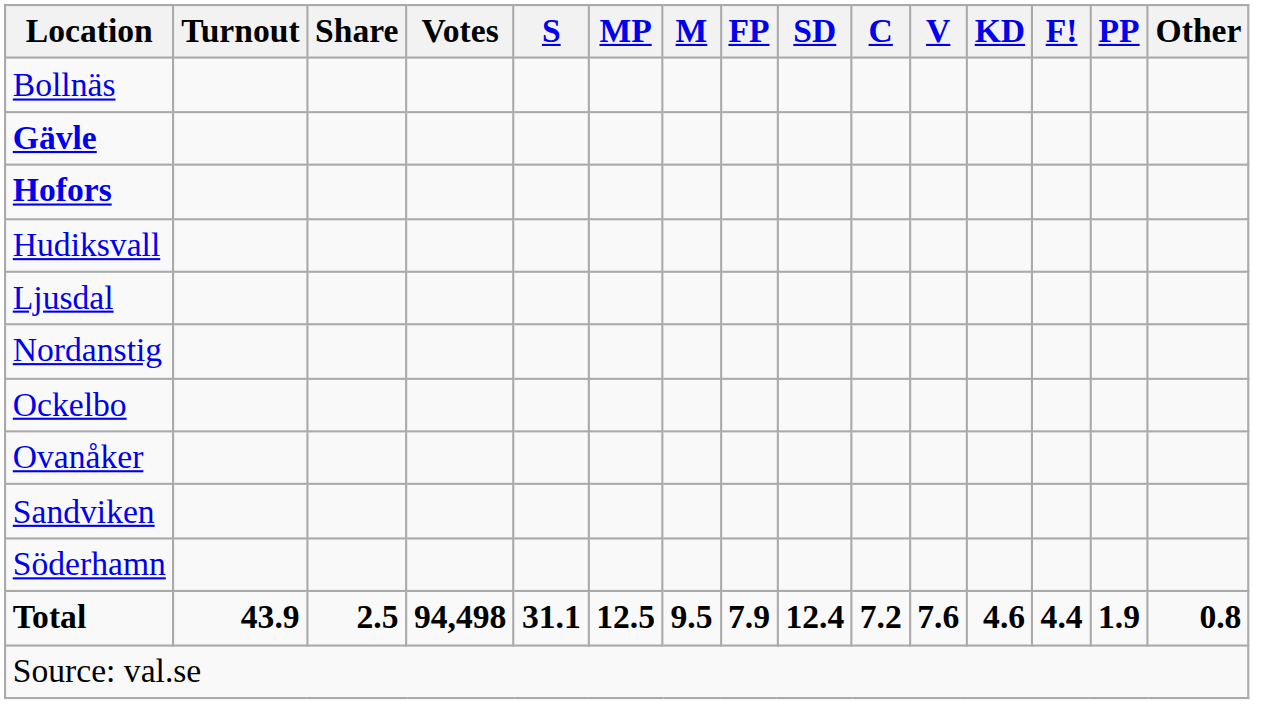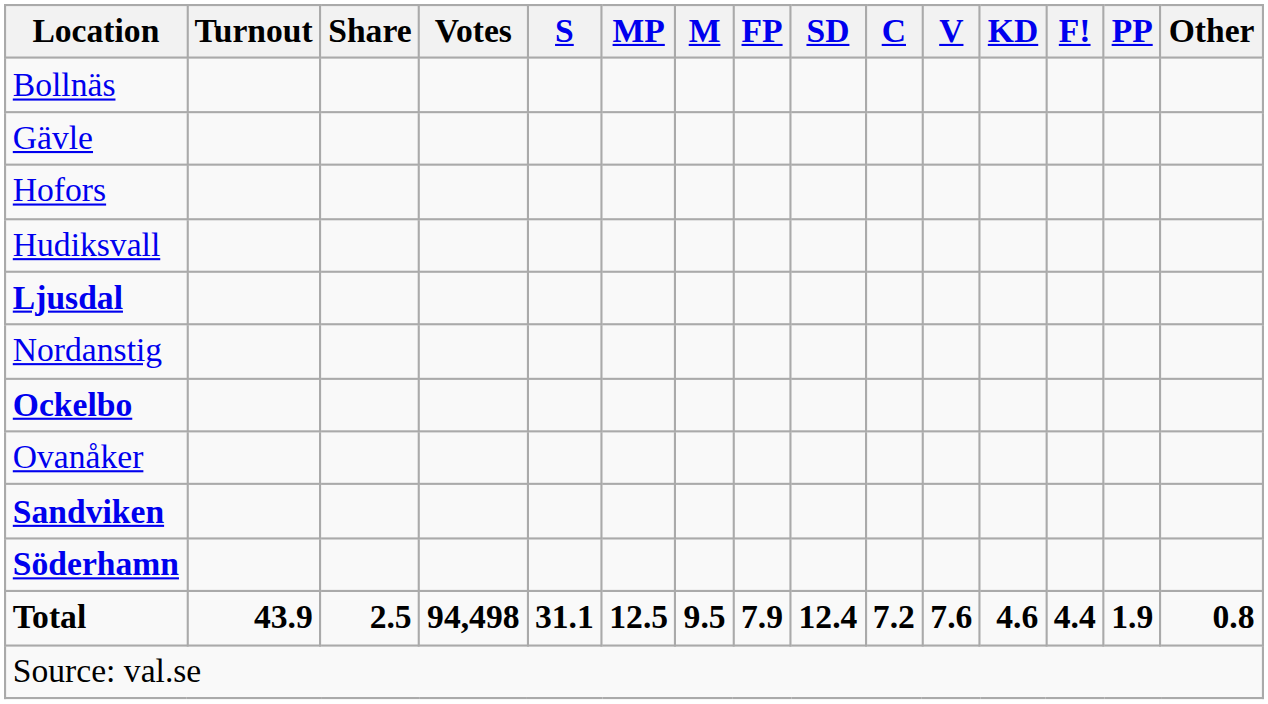 <table class="wikitable sortable" style=text-align:right>
 <tr>
 <th>Location</th>
 <th>Turnout</th>
 <th>Share</th>
 <th>Votes</th>
 <th><a href='#'>S</a></th>
 <th><a href='#'>MP</a></th>
 <th><a href='#'>M</a></th>
 <th><a href='#'>FP</a></th>
 <th><a href='#'>SD</a></th>
 <th><a href='#'>C</a></th>
 <th><a href='#'>V</a></th>
 <th><a href='#'>KD</a></th>
 <th><a href='#'>F!</a></th>
 <th><a href='#'>PP</a></th>
 <th>Other</th>
 </tr>
 <tr>
 <td align=left><a href='#'>Bollnäs</a></td>
 <td></td>
 <td></td>
 <td></td>
 <td></td>
 <td></td>
 <td></td>
 <td></td>
 <td></td>
 <td></td>
 <td></td>
 <td></td>
 <td></td>
 <td></td>
 <td></td>
 </tr>
 <tr>
-<td align=left><strong><a href='#'>Gävle</a></strong></td>
+<td align=left><a href='#'>Gävle</a></td>
 <td></td>
 <td></td>
 <td></td>
 <td></td>
 <td></td>
 <td></td>
 <td></td>
 <td></td>
 <td></td>
 <td></td>
 <td></td>
 <td></td>
 <td></td>
 <td></td>
 </tr>
 <tr>
-<td align=left><strong><a href='#'>Hofors</a></strong></td>
+<td align=left><a href='#'>Hofors</a></td>
 <td></td>
 <td></td>
 <td></td>
 <td></td>
 <td></td>
 <td></td>
 <td></td>
 <td></td>
 <td></td>
 <td></td>
 <td></td>
 <td></td>
 <td></td>
 <td></td>
 </tr>
 <tr>
 <td align=left><a href='#'>Hudiksvall</a></td>
 <td></td>
 <td></td>
 <td></td>
 <td></td>
 <td></td>
 <td></td>
 <td></td>
 <td></td>
 <td></td>
 <td></td>
 <td></td>
 <td></td>
 <td></td>
 <td></td>
 </tr>
 <tr>
-<td align=left><a href='#'>Ljusdal</a></td>
+<td align=left><strong><a href='#'>Ljusdal</a></strong></td>
 <td></td>
 <td></td>
 <td></td>
 <td></td>
 <td></td>
 <td></td>
 <td></td>
 <td></td>
 <td></td>
 <td></td>
 <td></td>
 <td></td>
 <td></td>
 <td></td>
 </tr>
 <tr>
 <td align=left><a href='#'>Nordanstig</a></td>
 <td></td>
 <td></td>
 <td></td>
 <td></td>
 <td></td>
 <td></td>
 <td></td>
 <td></td>
 <td></td>
 <td></td>
 <td></td>
 <td></td>
 <td></td>
 <td></td>
 </tr>
 <tr>
-<td align=left><a href='#'>Ockelbo</a></td>
+<td align=left><strong><a href='#'>Ockelbo</a></strong></td>
 <td></td>
 <td></td>
 <td></td>
 <td></td>
 <td></td>
 <td></td>
 <td></td>
 <td></td>
 <td></td>
 <td></td>
 <td></td>
 <td></td>
 <td></td>
 <td></td>
 </tr>
 <tr>
 <td align=left><a href='#'>Ovanåker</a></td>
 <td></td>
 <td></td>
 <td></td>
 <td></td>
 <td></td>
 <td></td>
 <td></td>
 <td></td>
 <td></td>
 <td></td>
 <td></td>
 <td></td>
 <td></td>
 <td></td>
 </tr>
 <tr>
-<td align=left><a href='#'>Sandviken</a></td>
+<td align=left><strong><a href='#'>Sandviken</a></strong></td>
 <td></td>
 <td></td>
 <td></td>
 <td></td>
 <td></td>
 <td></td>
 <td></td>
 <td></td>
 <td></td>
 <td></td>
 <td></td>
 <td></td>
 <td></td>
 <td></td>
 </tr>
 <tr>
-<td align=left><a href='#'>Söderhamn</a></td>
+<td align=left><strong><a href='#'>Söderhamn</a></strong></td>
 <td></td>
 <td></td>
 <td></td>
 <td></td>
 <td></td>
 <td></td>
 <td></td>
 <td></td>
 <td></td>
 <td></td>
 <td></td>
 <td></td>
 <td></td>
 <td></td>
 </tr>
 <tr>
 <td align=left><strong>Total</strong></td>
 <td><strong>43.9</strong></td>
 <td><strong>2.5</strong></td>
 <td><strong>94,498</strong></td>
 <td><strong>31.1</strong></td>
 <td><strong>12.5</strong></td>
 <td><strong>9.5</strong></td>
 <td><strong>7.9</strong></td>
 <td><strong>12.4</strong></td>
 <td><strong>7.2</strong></td>
 <td><strong>7.6</strong></td>
 <td><strong>4.6</strong></td>
 <td><strong>4.4</strong></td>
 <td><strong>1.9</strong></td>
 <td><strong>0.8</strong></td>
 </tr>
 <tr>
 <td align=left colspan=15>Source: val.se </td>
 </tr>
 </table>
